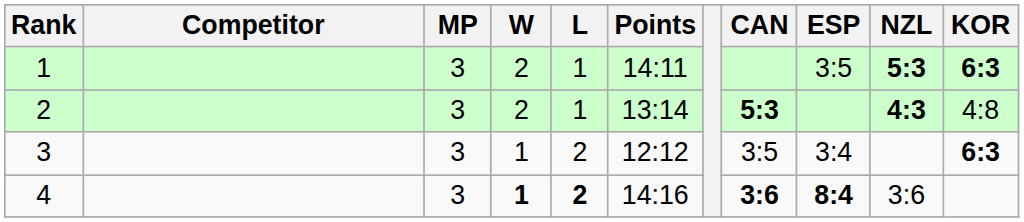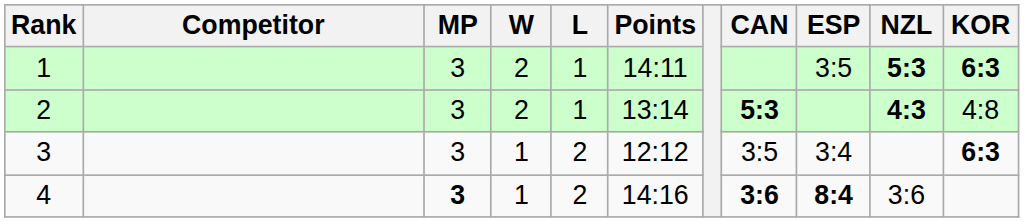 <table class="wikitable" style="text-align:center">
 <tr>
 <th>Rank</th>
 <th style="width:18em">Competitor</th>
 <th style="width:2.5em">MP</th>
 <th style="width:2.5em">W</th>
 <th style="width:2.5em">L</th>
 <th>Points</th>
 <th rowspan="5"> </th>
 <th style="width:2.5em">CAN</th>
 <th style="width:2.5em">ESP</th>
 <th style="width:2.5em">NZL</th>
 <th style="width:2.5em">KOR</th>
 </tr>
 <tr style="background:#cfc;">
 <td>1</td>
 <td style="text-align:left"></td>
 <td>3</td>
 <td>2</td>
 <td>1</td>
 <td>14:11</td>
 <td></td>
 <td>3:5</td>
 <td><strong>5:3</strong></td>
 <td><strong>6:3</strong></td>
 </tr>
 <tr style="background:#cfc;">
 <td>2</td>
 <td style="text-align:left"></td>
 <td>3</td>
 <td>2</td>
 <td>1</td>
 <td>13:14</td>
 <td><strong>5:3</strong></td>
 <td></td>
 <td><strong>4:3</strong></td>
 <td>4:8</td>
 </tr>
 <tr>
 <td>3</td>
 <td style="text-align:left"></td>
 <td>3</td>
 <td>1</td>
 <td>2</td>
 <td>12:12</td>
 <td>3:5</td>
 <td>3:4</td>
 <td></td>
 <td><strong>6:3</strong></td>
 </tr>
 <tr>
 <td>4</td>
 <td style="text-align:left"></td>
-<td>3</td>
-<td><strong>1</strong></td>
-<td><strong>2</strong></td>
+<td><strong>3</strong></td>
+<td>1</td>
+<td>2</td>
 <td>14:16</td>
 <td><strong>3:6</strong></td>
 <td><strong>8:4</strong></td>
 <td>3:6</td>
 <td></td>
 </tr>
 </table>
